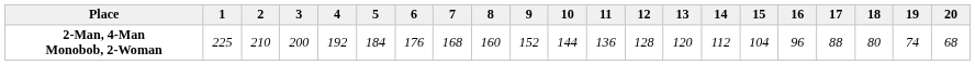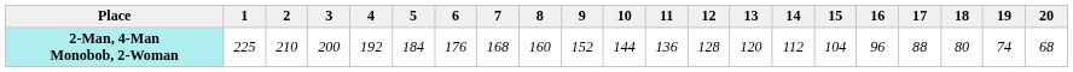 <table border="1" cellpadding="2" cellspacing="0" style="border:1px solid #C0C0C0; border-collapse:collapse; font-size:86%; margin-top:1em; text-align:center" width="1000">
 <tr bgcolor="#F0F0F0">
 <td width=150><strong>Place</strong></td>
 <td width=25><strong>1</strong></td>
 <td width="25"><strong>2</strong></td>
 <td width="25"><strong>3</strong></td>
 <td width="25"><strong>4</strong></td>
 <td width="25"><strong>5</strong></td>
 <td width="25"><strong>6</strong></td>
 <td width="25"><strong>7</strong></td>
 <td width="25"><strong>8</strong></td>
 <td width="25"><strong>9</strong></td>
 <td width="25"><strong>10</strong></td>
 <td width="25"><strong>11</strong></td>
 <td width="25"><strong>12</strong></td>
 <td width="25"><strong>13</strong></td>
 <td width="25"><strong>14</strong></td>
 <td width="25"><strong>15</strong></td>
 <td width="25"><strong>16</strong></td>
 <td width="25"><strong>17</strong></td>
 <td width="25"><strong>18</strong></td>
 <td width="25"><strong>19</strong></td>
 <td width="25"><strong>20</strong></td>
 </tr>
 <tr>
-<td><strong>2-Man, 4-Man<br>Monobob, 2-Woman</strong></td>
+<td style="background: paleturquoise;"><strong>2-Man, 4-Man<br>Monobob, 2-Woman</strong></td>
 <td rowspan="2"><em>225</em></td>
 <td rowspan="2"><em>210</em></td>
 <td rowspan="2"><em>200</em></td>
 <td rowspan="2"><em>192</em></td>
 <td rowspan="2"><em>184</em></td>
 <td rowspan="2"><em>176</em></td>
 <td rowspan="2"><em>168</em></td>
 <td rowspan="2"><em>160</em></td>
 <td rowspan="2"><em>152</em></td>
 <td rowspan="2"><em>144</em></td>
 <td rowspan="2"><em>136</em></td>
 <td rowspan="2"><em>128</em></td>
 <td rowspan="2"><em>120</em></td>
 <td rowspan="2"><em>112</em></td>
 <td rowspan="2"><em>104</em></td>
 <td rowspan="2"><em>96</em></td>
 <td rowspan="2"><em>88</em></td>
 <td rowspan="2"><em>80</em></td>
 <td rowspan="2"><em>74</em></td>
 <td rowspan="2"><em>68</em></td>
 </tr>
 </table>
